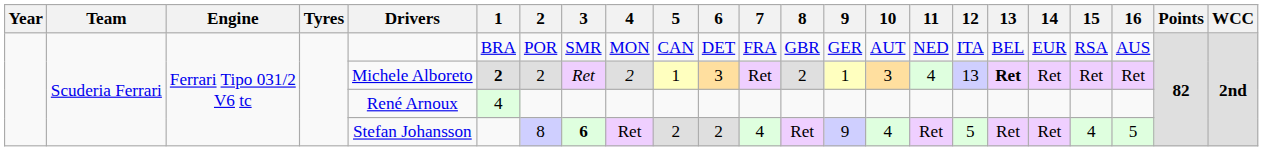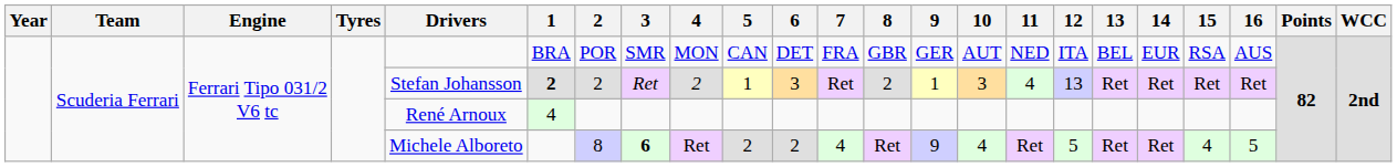 <table class="wikitable" style="text-align:center; font-size:95%">
 <tr>
 <th>Year</th>
 <th>Team</th>
 <th>Engine</th>
 <th>Tyres</th>
 <th>Drivers</th>
 <th>1</th>
 <th>2</th>
 <th>3</th>
 <th>4</th>
 <th>5</th>
 <th>6</th>
 <th>7</th>
 <th>8</th>
 <th>9</th>
 <th>10</th>
 <th>11</th>
 <th>12</th>
 <th>13</th>
 <th>14</th>
 <th>15</th>
 <th>16</th>
 <th>Points</th>
 <th>WCC</th>
 </tr>
 <tr>
 <td rowspan="4"></td>
 <td rowspan="4"><a href='#'>Scuderia Ferrari</a></td>
 <td rowspan="4"><a href='#'>Ferrari</a> <a href='#'>Tipo 031/2</a><br><a href='#'>V6</a> <a href='#'>tc</a></td>
 <td rowspan="4"></td>
 <td></td>
 <td><a href='#'>BRA</a></td>
 <td><a href='#'>POR</a></td>
 <td><a href='#'>SMR</a></td>
 <td><a href='#'>MON</a></td>
 <td><a href='#'>CAN</a></td>
 <td><a href='#'>DET</a></td>
 <td><a href='#'>FRA</a></td>
 <td><a href='#'>GBR</a></td>
 <td><a href='#'>GER</a></td>
 <td><a href='#'>AUT</a></td>
 <td><a href='#'>NED</a></td>
 <td><a href='#'>ITA</a></td>
 <td><a href='#'>BEL</a></td>
 <td><a href='#'>EUR</a></td>
 <td><a href='#'>RSA</a></td>
 <td><a href='#'>AUS</a></td>
 <td rowspan="4" style="background:#dfdfdf;"><strong>82</strong></td>
 <td rowspan="4" style="background:#dfdfdf;"><strong>2nd</strong></td>
 </tr>
 <tr>
-<td> <a href='#'>Michele Alboreto</a></td>
+<td> <a href='#'>Stefan Johansson</a></td>
 <td style="background:#dfdfdf;"><strong>2</strong></td>
 <td style="background:#dfdfdf;">2</td>
 <td style="background:#efcfff;"><em>Ret</em></td>
 <td style="background:#dfdfdf;"><em>2</em></td>
 <td style="background:#ffffbf;">1</td>
 <td style="background:#ffdf9f;">3</td>
 <td style="background:#efcfff;">Ret</td>
 <td style="background:#dfdfdf;">2</td>
 <td style="background:#ffffbf;">1</td>
 <td style="background:#ffdf9f;">3</td>
 <td style="background:#dfffdf;">4</td>
 <td style="background:#cfcfff;">13</td>
-<td style="background:#efcfff;"><strong>Ret</strong></td>
+<td style="background:#efcfff;">Ret</td>
 <td style="background:#efcfff;">Ret</td>
 <td style="background:#efcfff;">Ret</td>
 <td style="background:#efcfff;">Ret</td>
 </tr>
 <tr>
 <td> <a href='#'>René Arnoux</a></td>
 <td style="background:#dfffdf;">4</td>
 <td></td>
 <td></td>
 <td></td>
 <td></td>
 <td></td>
 <td></td>
 <td></td>
 <td></td>
 <td></td>
 <td></td>
 <td></td>
 <td></td>
 <td></td>
 <td></td>
 <td></td>
 </tr>
 <tr>
-<td> <a href='#'>Stefan Johansson</a></td>
+<td> <a href='#'>Michele Alboreto</a></td>
 <td></td>
 <td style="background:#cfcfff;">8</td>
 <td style="background:#dfffdf;"><strong>6</strong></td>
 <td style="background:#efcfff;">Ret</td>
 <td style="background:#dfdfdf;">2</td>
 <td style="background:#dfdfdf;">2</td>
 <td style="background:#dfffdf;">4</td>
 <td style="background:#efcfff;">Ret</td>
 <td style="background:#cfcfff;">9</td>
 <td style="background:#dfffdf;">4</td>
 <td style="background:#efcfff;">Ret</td>
 <td style="background:#dfffdf;">5</td>
 <td style="background:#efcfff;">Ret</td>
 <td style="background:#efcfff;">Ret</td>
 <td style="background:#dfffdf;">4</td>
 <td style="background:#dfffdf;">5</td>
 </tr>
 </table>
